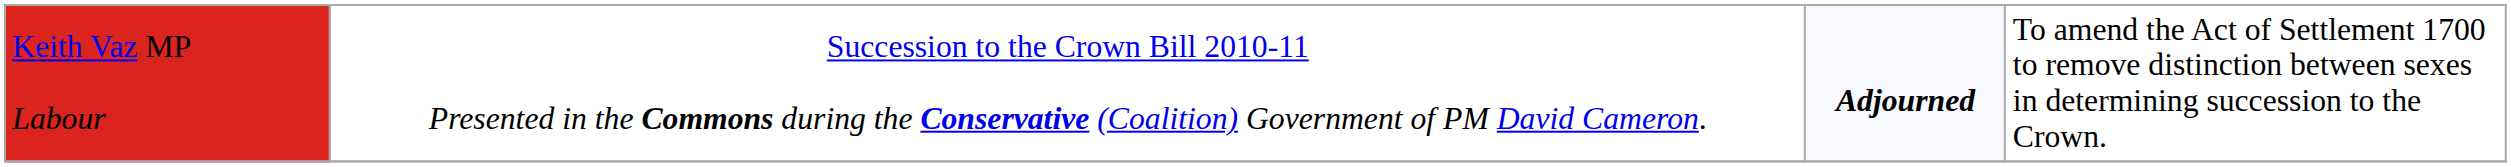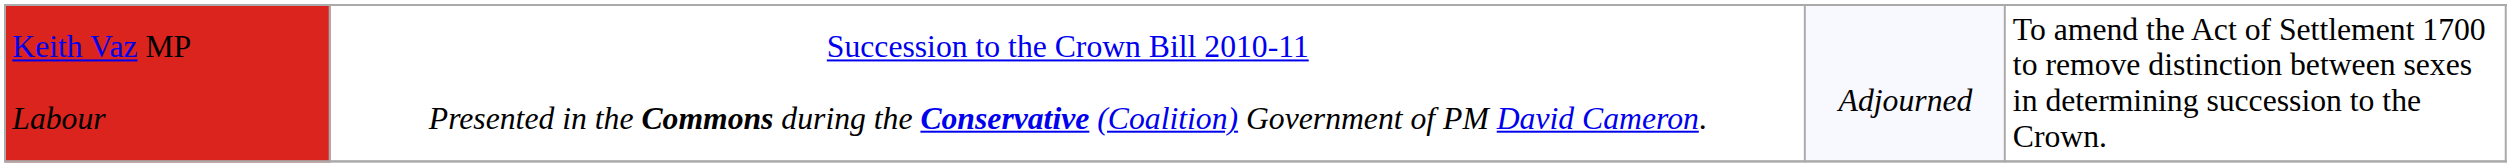 <table class="wikitable" width="100%">
 <tr bgcolor="#F8F8FF">
 </tr>
 <tr align="center" bgcolor="#F8F8FF">
 <td style="width: 13%;" align="left" bgcolor="#DC241f"><a href='#'>Keith Vaz</a> MP<br><br><em>Labour</em></td>
 <td style="width: 59%;" bgcolor="#FFFFFF" align="center"><a href='#'>Succession to the Crown Bill 2010-11</a><br><br><em>Presented in the <strong>Commons</strong> during the <strong><a href='#'>Conservative</a></strong> <a href='#'>(Coalition)</a> Government of PM <a href='#'>David Cameron</a></em>.</td>
-<td style="width: 8%;"><strong><br><em>Adjourned</em></strong></td>
+<td style="width: 8%;"><br><em>Adjourned</em></td>
 <td align="left" bgcolor="#FFFFFF">To amend the Act of Settlement 1700 to remove distinction between sexes in determining succession to the Crown.</td>
 </tr>
 <tr>
 </tr>
 </table>
